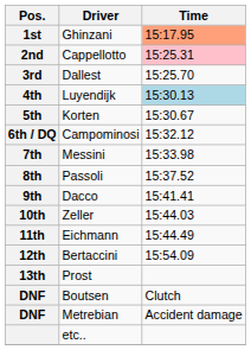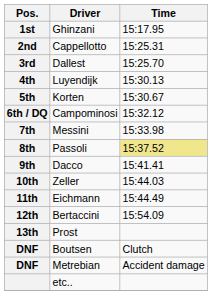 <table class="wikitable" style="font-size: 95%">
 <tr>
 <th>Pos.</th>
 <th>Driver</th>
 <th>Time</th>
 </tr>
 <tr>
 <th>1st</th>
 <td>Ghinzani</td>
-<td style="background: lightsalmon;">15:17.95</td>
+<td>15:17.95</td>
 </tr>
 <tr>
 <th>2nd</th>
 <td>Cappellotto</td>
-<td style="background: pink;">15:25.31</td>
+<td>15:25.31</td>
 </tr>
 <tr>
 <th>3rd</th>
 <td>Dallest</td>
 <td>15:25.70</td>
 </tr>
 <tr>
 <th>4th</th>
 <td>Luyendijk</td>
-<td style="background: lightblue;">15:30.13</td>
+<td>15:30.13</td>
 </tr>
 <tr>
 <th>5th</th>
 <td>Korten</td>
 <td>15:30.67</td>
 </tr>
 <tr>
 <th>6th / DQ</th>
 <td>Campominosi</td>
 <td>15:32.12</td>
 </tr>
 <tr>
 <th>7th</th>
 <td>Messini</td>
 <td>15:33.98</td>
 </tr>
 <tr>
 <th>8th</th>
 <td>Passoli</td>
-<td>15:37.52</td>
+<td style="background: khaki;">15:37.52</td>
 </tr>
 <tr>
 <th>9th</th>
 <td>Dacco</td>
 <td>15:41.41</td>
 </tr>
 <tr>
 <th>10th</th>
 <td>Zeller</td>
 <td>15:44.03</td>
 </tr>
 <tr>
 <th>11th</th>
 <td>Eichmann</td>
 <td>15:44.49</td>
 </tr>
 <tr>
 <th>12th</th>
 <td>Bertaccini</td>
 <td>15:54.09</td>
 </tr>
 <tr>
 <th>13th</th>
 <td>Prost</td>
 <td></td>
 </tr>
 <tr>
 <th>DNF</th>
 <td>Boutsen</td>
 <td>Clutch</td>
 </tr>
 <tr>
 <th>DNF</th>
 <td>Metrebian</td>
 <td>Accident damage</td>
 </tr>
 <tr>
 <th></th>
 <td>etc..</td>
 <td></td>
 </tr>
 <tr>
 </tr>
 </table>
